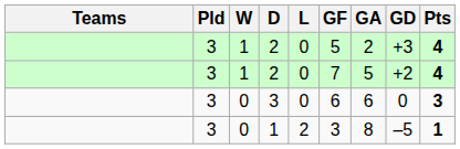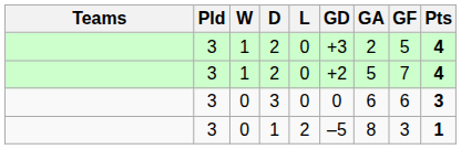 <table class="wikitable" style="text-align: center;">
 <tr>
 <th width=165>Teams</th>
 <th width=20>Pld</th>
 <th width=20>W</th>
 <th width=20>D</th>
 <th width=20>L</th>
+<th width=20>GD</th>
+<th width=20>GA</th>
 <th width=20>GF</th>
-<th width=20>GA</th>
-<th width=20>GD</th>
 <th width=20>Pts</th>
 </tr>
 <tr align=center style="background:#ccffcc;">
 <td style="text-align:left;"></td>
 <td>3</td>
 <td>1</td>
 <td>2</td>
 <td>0</td>
+<td>+3</td>
+<td>2</td>
 <td>5</td>
-<td>2</td>
-<td>+3</td>
 <td><strong>4</strong></td>
 </tr>
 <tr align=center style="background:#ccffcc;">
 <td style="text-align:left;"></td>
 <td>3</td>
 <td>1</td>
 <td>2</td>
 <td>0</td>
+<td>+2</td>
+<td>5</td>
 <td>7</td>
-<td>5</td>
-<td>+2</td>
 <td><strong>4</strong></td>
 </tr>
 <tr align=center>
 <td style="text-align:left;"></td>
 <td>3</td>
 <td>0</td>
 <td>3</td>
 <td>0</td>
+<td>0</td>
 <td>6</td>
 <td>6</td>
-<td>0</td>
 <td><strong>3</strong></td>
 </tr>
 <tr align=center>
 <td style="text-align:left;"></td>
 <td>3</td>
 <td>0</td>
 <td>1</td>
 <td>2</td>
+<td>–5</td>
+<td>8</td>
 <td>3</td>
-<td>8</td>
-<td>–5</td>
 <td><strong>1</strong></td>
 </tr>
 </table>
